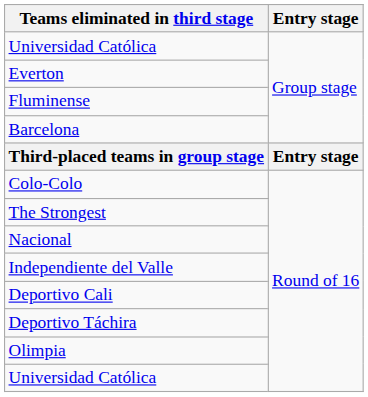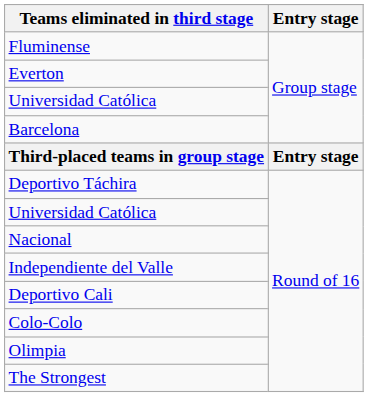 <table class="wikitable">
 <tr>
 <th>Teams eliminated in <a href='#'>third stage</a></th>
 <th>Entry stage</th>
 </tr>
 <tr>
-<td> <a href='#'>Universidad Católica</a></td>
+<td> <a href='#'>Fluminense</a></td>
 <td rowspan=4><a href='#'>Group stage</a></td>
 </tr>
 <tr>
 <td> <a href='#'>Everton</a></td>
 </tr>
 <tr>
-<td> <a href='#'>Fluminense</a></td>
+<td> <a href='#'>Universidad Católica</a></td>
 </tr>
 <tr>
 <td> <a href='#'>Barcelona</a></td>
 </tr>
 <tr>
 <th>Third-placed teams in <a href='#'>group stage</a></th>
 <th>Entry stage</th>
 </tr>
 <tr>
-<td> <a href='#'>Colo-Colo</a></td>
+<td> <a href='#'>Deportivo Táchira</a></td>
 <td rowspan=8><a href='#'>Round of 16</a></td>
 </tr>
 <tr>
-<td> <a href='#'>The Strongest</a></td>
+<td> <a href='#'>Universidad Católica</a></td>
 </tr>
 <tr>
 <td> <a href='#'>Nacional</a></td>
 </tr>
 <tr>
 <td> <a href='#'>Independiente del Valle</a></td>
 </tr>
 <tr>
 <td> <a href='#'>Deportivo Cali</a></td>
 </tr>
 <tr>
-<td> <a href='#'>Deportivo Táchira</a></td>
+<td> <a href='#'>Colo-Colo</a></td>
 </tr>
 <tr>
 <td> <a href='#'>Olimpia</a></td>
 </tr>
 <tr>
-<td> <a href='#'>Universidad Católica</a></td>
+<td> <a href='#'>The Strongest</a></td>
 </tr>
 </table>
